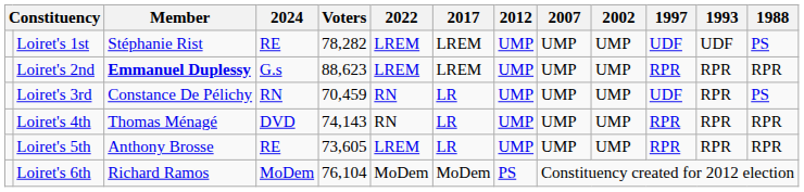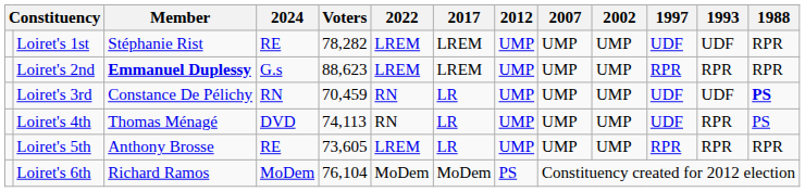 <table class="wikitable sortable">
 <tr>
 <th colspan="2">Constituency</th>
 <th>Member</th>
 <th>2024</th>
 <th>Voters</th>
 <th>2022</th>
 <th>2017</th>
 <th>2012</th>
 <th>2007</th>
 <th>2002</th>
 <th>1997</th>
 <th>1993</th>
 <th>1988</th>
 </tr>
 <tr>
 <td style="background-color: "></td>
 <td><a href='#'>Loiret's 1st</a></td>
 <td><a href='#'>Stéphanie Rist</a></td>
 <td><a href='#'>RE</a></td>
 <td>78,282</td>
 <td><a href='#'>LREM</a></td>
 <td>LREM</td>
 <td><a href='#'>UMP</a></td>
 <td>UMP</td>
 <td>UMP</td>
 <td><a href='#'>UDF</a></td>
 <td>UDF</td>
-<td><a href='#'>PS</a></td>
+<td>RPR</td>
 </tr>
 <tr>
 <td style="background-color: "></td>
 <td><a href='#'>Loiret's 2nd</a></td>
 <td><strong><a href='#'>Emmanuel Duplessy</a></strong></td>
 <td><a href='#'>G.s</a></td>
 <td>88,623</td>
 <td><a href='#'>LREM</a></td>
 <td>LREM</td>
 <td><a href='#'>UMP</a></td>
 <td>UMP</td>
 <td>UMP</td>
 <td><a href='#'>RPR</a></td>
 <td>RPR</td>
 <td>RPR</td>
 </tr>
 <tr>
 <td style="background-color: "></td>
 <td><a href='#'>Loiret's 3rd</a></td>
 <td><a href='#'>Constance De Pélichy</a></td>
 <td><a href='#'>RN</a></td>
 <td>70,459</td>
 <td><a href='#'>RN</a></td>
 <td><a href='#'>LR</a></td>
 <td><a href='#'>UMP</a></td>
 <td>UMP</td>
 <td>UMP</td>
 <td><a href='#'>UDF</a></td>
-<td>RPR</td>
-<td><a href='#'>PS</a></td>
+<td>UDF</td>
+<td><strong><a href='#'>PS</a></strong></td>
 </tr>
 <tr>
 <td style="background-color: "></td>
 <td><a href='#'>Loiret's 4th</a></td>
 <td><a href='#'>Thomas Ménagé</a></td>
 <td><a href='#'>DVD</a></td>
-<td>74,143</td>
+<td>74,113</td>
 <td>RN</td>
 <td><a href='#'>LR</a></td>
 <td><a href='#'>UMP</a></td>
 <td>UMP</td>
 <td>UMP</td>
-<td><a href='#'>RPR</a></td>
+<td><a href='#'>UDF</a></td>
 <td>RPR</td>
-<td>RPR</td>
+<td><a href='#'>PS</a></td>
 </tr>
 <tr>
 <td style="background-color: "></td>
 <td><a href='#'>Loiret's 5th</a></td>
 <td><a href='#'>Anthony Brosse</a></td>
 <td><a href='#'>RE</a></td>
 <td>73,605</td>
 <td><a href='#'>LREM</a></td>
 <td><a href='#'>LR</a></td>
 <td><a href='#'>UMP</a></td>
 <td>UMP</td>
 <td>UMP</td>
 <td><a href='#'>RPR</a></td>
 <td>RPR</td>
 <td>RPR</td>
 </tr>
 <tr>
 <td style="background-color: "></td>
 <td><a href='#'>Loiret's 6th</a></td>
 <td><a href='#'>Richard Ramos</a></td>
 <td><a href='#'>MoDem</a></td>
 <td>76,104</td>
 <td>MoDem</td>
 <td>MoDem</td>
 <td><a href='#'>PS</a></td>
 <td colspan="5">Constituency created for 2012 election</td>
 </tr>
 </table>
